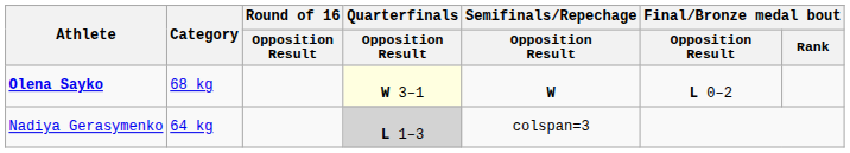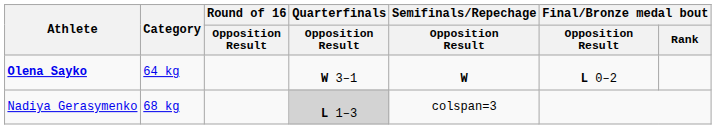 <table class="wikitable" style="text-align:center; font-size:90%">
 <tr>
 <th rowspan=2>Athlete</th>
 <th rowspan=2>Category</th>
 <th>Round of 16</th>
 <th>Quarterfinals</th>
 <th>Semifinals/Repechage</th>
 <th colspan=2>Final/Bronze medal bout</th>
 </tr>
 <tr style="font-size:95%">
 <th>Opposition<br>Result</th>
 <th>Opposition<br>Result</th>
 <th>Opposition<br>Result</th>
 <th>Opposition<br>Result</th>
 <th>Rank</th>
 </tr>
 <tr>
 <td align=left><strong><a href='#'>Olena Sayko</a></strong></td>
-<td align=left><a href='#'>68 kg</a></td>
+<td align=left><a href='#'>64 kg</a></td>
 <td></td>
-<td style="background: lightyellow;"><br> <strong>W</strong> 3–1</td>
+<td><br> <strong>W</strong> 3–1</td>
 <td><br> <strong>W</strong></td>
 <td><br> <strong>L</strong> 0–2</td>
 <td></td>
 </tr>
 <tr>
 <td align=left><a href='#'>Nadiya Gerasymenko</a></td>
-<td align=left><a href='#'>64 kg</a></td>
+<td align=left><a href='#'>68 kg</a></td>
 <td></td>
 <td style="background: lightgrey;"><br> <strong>L</strong> 1–3</td>
 <td>colspan=3 </td>
 </tr>
 </table>
